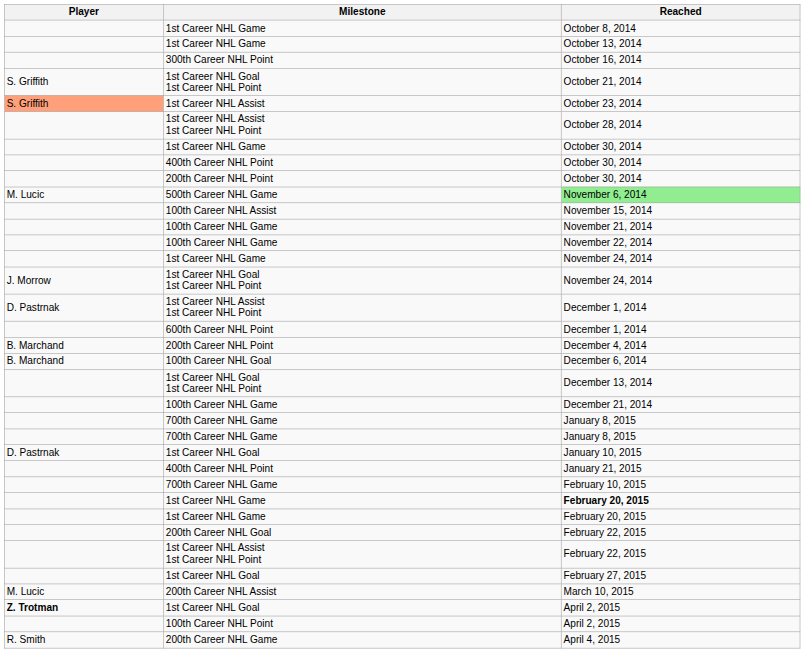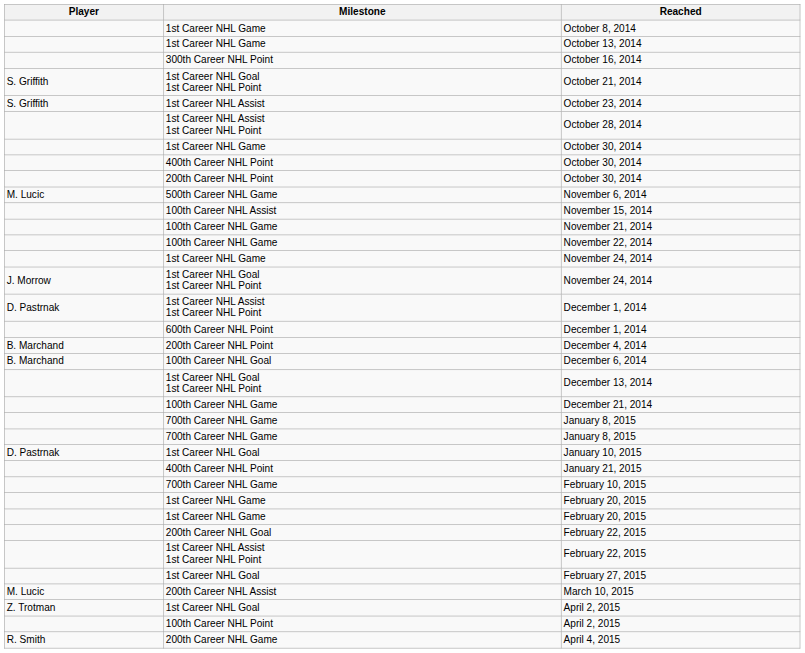 <table class="wikitable sortable" style="width:100%;">
 <tr align=center>
 <th style="width:20%;">Player</th>
 <th style="width:50%;">Milestone</th>
 <th style="width:30%;" data-sort-type="date">Reached</th>
 </tr>
 <tr>
 <td></td>
 <td>1st Career NHL Game</td>
 <td>October 8, 2014</td>
 </tr>
 <tr>
 <td></td>
 <td>1st Career NHL Game</td>
 <td>October 13, 2014</td>
 </tr>
 <tr>
 <td></td>
 <td>300th Career NHL Point</td>
 <td>October 16, 2014</td>
 </tr>
 <tr>
 <td>S. Griffith</td>
 <td>1st Career NHL Goal<br>1st Career NHL Point</td>
 <td>October 21, 2014</td>
 </tr>
 <tr>
-<td style="background: lightsalmon;">S. Griffith</td>
+<td>S. Griffith</td>
 <td>1st Career NHL Assist</td>
 <td>October 23, 2014</td>
 </tr>
 <tr>
 <td></td>
 <td>1st Career NHL Assist<br>1st Career NHL Point</td>
 <td>October 28, 2014</td>
 </tr>
 <tr>
 <td></td>
 <td>1st Career NHL Game</td>
 <td>October 30, 2014</td>
 </tr>
 <tr>
 <td></td>
 <td>400th Career NHL Point</td>
 <td>October 30, 2014</td>
 </tr>
 <tr>
 <td></td>
 <td>200th Career NHL Point</td>
 <td>October 30, 2014</td>
 </tr>
 <tr>
 <td>M. Lucic</td>
 <td>500th Career NHL Game</td>
-<td style="background: lightgreen;">November 6, 2014</td>
+<td>November 6, 2014</td>
 </tr>
 <tr>
 <td></td>
 <td>100th Career NHL Assist</td>
 <td>November 15, 2014</td>
 </tr>
 <tr>
 <td></td>
 <td>100th Career NHL Game</td>
 <td>November 21, 2014</td>
 </tr>
 <tr>
 <td></td>
 <td>100th Career NHL Game</td>
 <td>November 22, 2014</td>
 </tr>
 <tr>
 <td></td>
 <td>1st Career NHL Game</td>
 <td>November 24, 2014</td>
 </tr>
 <tr>
 <td>J. Morrow</td>
 <td>1st Career NHL Goal<br>1st Career NHL Point</td>
 <td>November 24, 2014</td>
 </tr>
 <tr>
 <td>D. Pastrnak</td>
 <td>1st Career NHL Assist<br>1st Career NHL Point</td>
 <td>December 1, 2014</td>
 </tr>
 <tr>
 <td></td>
 <td>600th Career NHL Point</td>
 <td>December 1, 2014</td>
 </tr>
 <tr>
 <td>B. Marchand</td>
 <td>200th Career NHL Point</td>
 <td>December 4, 2014</td>
 </tr>
 <tr>
 <td>B. Marchand</td>
 <td>100th Career NHL Goal</td>
 <td>December 6, 2014</td>
 </tr>
 <tr>
 <td></td>
 <td>1st Career NHL Goal<br>1st Career NHL Point</td>
 <td>December 13, 2014</td>
 </tr>
 <tr>
 <td></td>
 <td>100th Career NHL Game</td>
 <td>December 21, 2014</td>
 </tr>
 <tr>
 <td></td>
 <td>700th Career NHL Game</td>
 <td>January 8, 2015</td>
 </tr>
 <tr>
 <td></td>
 <td>700th Career NHL Game</td>
 <td>January 8, 2015</td>
 </tr>
 <tr>
 <td>D. Pastrnak</td>
 <td>1st Career NHL Goal</td>
 <td>January 10, 2015</td>
 </tr>
 <tr>
 <td></td>
 <td>400th Career NHL Point</td>
 <td>January 21, 2015</td>
 </tr>
 <tr>
 <td></td>
 <td>700th Career NHL Game</td>
 <td>February 10, 2015</td>
 </tr>
 <tr>
 <td></td>
 <td>1st Career NHL Game</td>
-<td><strong>February 20, 2015</strong></td>
+<td>February 20, 2015</td>
 </tr>
 <tr>
 <td></td>
 <td>1st Career NHL Game</td>
 <td>February 20, 2015</td>
 </tr>
 <tr>
 <td></td>
 <td>200th Career NHL Goal</td>
 <td>February 22, 2015</td>
 </tr>
 <tr>
 <td></td>
 <td>1st Career NHL Assist<br>1st Career NHL Point</td>
 <td>February 22, 2015</td>
 </tr>
 <tr>
 <td></td>
 <td>1st Career NHL Goal</td>
 <td>February 27, 2015</td>
 </tr>
 <tr>
 <td>M. Lucic</td>
 <td>200th Career NHL Assist</td>
 <td>March 10, 2015</td>
 </tr>
 <tr>
-<td><strong>Z. Trotman</strong></td>
+<td>Z. Trotman</td>
 <td>1st Career NHL Goal</td>
 <td>April 2, 2015</td>
 </tr>
 <tr>
 <td></td>
 <td>100th Career NHL Point</td>
 <td>April 2, 2015</td>
 </tr>
 <tr>
 <td>R. Smith</td>
 <td>200th Career NHL Game</td>
 <td>April 4, 2015</td>
 </tr>
 </table>
